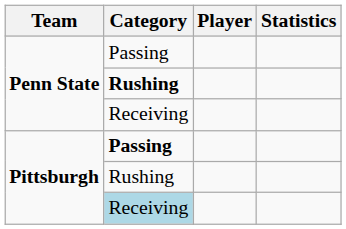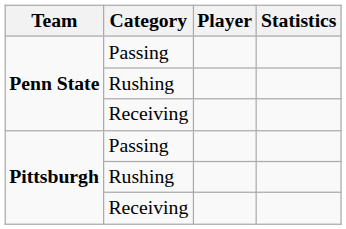 <table class="wikitable" style="float: right;">
 <tr>
 <th>Team</th>
 <th>Category</th>
 <th>Player</th>
 <th>Statistics</th>
 </tr>
 <tr>
 <td rowspan=3><strong>Penn State</strong></td>
 <td>Passing</td>
 <td></td>
 <td></td>
 </tr>
 <tr>
-<td><strong>Rushing</strong></td>
+<td>Rushing</td>
 <td></td>
 <td></td>
 </tr>
 <tr>
 <td>Receiving</td>
 <td></td>
 <td></td>
 </tr>
 <tr>
 <td rowspan=3><strong>Pittsburgh</strong></td>
-<td><strong>Passing</strong></td>
+<td>Passing</td>
 <td></td>
 <td></td>
 </tr>
 <tr>
 <td>Rushing</td>
 <td></td>
 <td></td>
 </tr>
 <tr>
-<td style="background: lightblue;">Receiving</td>
+<td>Receiving</td>
 <td></td>
 <td></td>
 </tr>
 </table>
